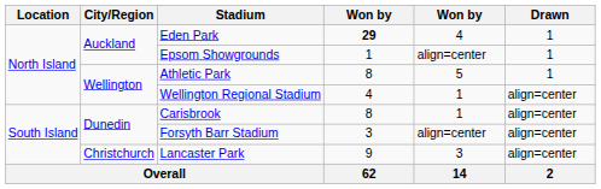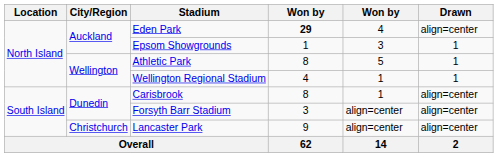 <table class="wikitable">
 <tr>
 <th>Location</th>
 <th>City/Region</th>
 <th>Stadium</th>
 <th width=108px>Won by </th>
 <th width=108px>Won by </th>
 <th width=108px>Drawn</th>
 </tr>
 <tr>
 <td rowspan=4><a href='#'>North Island</a></td>
 <td rowspan=2><a href='#'>Auckland</a></td>
 <td><a href='#'>Eden Park</a></td>
 <td align=center><strong>29</strong></td>
 <td align=center>4</td>
-<td align=center>1</td>
+<td>align=center </td>
 </tr>
 <tr>
 <td><a href='#'>Epsom Showgrounds</a></td>
 <td align=center>1</td>
-<td>align=center </td>
+<td align=center>3</td>
 <td align=center>1</td>
 </tr>
 <tr>
 <td rowspan=2><a href='#'>Wellington</a></td>
 <td><a href='#'>Athletic Park</a></td>
 <td align=center>8</td>
 <td align=center>5</td>
 <td align=center>1</td>
 </tr>
 <tr>
 <td><a href='#'>Wellington Regional Stadium</a></td>
 <td align=center>4</td>
 <td align=center>1</td>
-<td>align=center </td>
+<td align=center>1</td>
 </tr>
 <tr>
 <td rowspan=3><a href='#'>South Island</a></td>
 <td rowspan=2><a href='#'>Dunedin</a></td>
 <td><a href='#'>Carisbrook</a></td>
 <td align=center>8</td>
 <td align=center>1</td>
 <td>align=center </td>
 </tr>
 <tr>
 <td><a href='#'>Forsyth Barr Stadium</a></td>
 <td align=center>3</td>
 <td>align=center </td>
 <td>align=center </td>
 </tr>
 <tr>
 <td><a href='#'>Christchurch</a></td>
 <td><a href='#'>Lancaster Park</a></td>
 <td align=center>9</td>
-<td align=center>3</td>
+<td>align=center </td>
 <td>align=center </td>
 </tr>
 <tr>
 <th colspan=3>Overall</th>
 <th align=center>62</th>
 <th align=center>14</th>
 <th align=center>2</th>
 </tr>
 </table>
